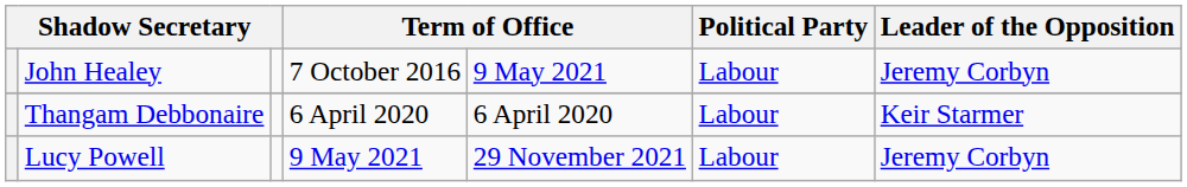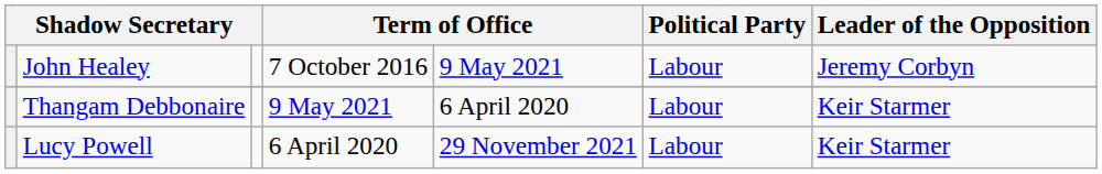 <table class="wikitable">
 <tr>
 <th colspan="3">Shadow Secretary</th>
 <th colspan="2">Term of Office</th>
 <th>Political Party</th>
 <th>Leader of the Opposition</th>
 </tr>
 <tr>
 <th style="background-color: "></th>
 <td><a href='#'>John Healey</a> </td>
 <td></td>
 <td>7 October 2016</td>
 <td><a href='#'>9 May 2021</a></td>
 <td><a href='#'>Labour</a></td>
 <td><a href='#'>Jeremy Corbyn</a></td>
 </tr>
 <tr>
 </tr>
 <tr>
 <th style="background-color: "></th>
 <td><a href='#'>Thangam Debbonaire</a> </td>
 <td></td>
-<td>6 April 2020</td>
+<td><a href='#'>9 May 2021</a></td>
 <td>6 April 2020</td>
 <td><a href='#'>Labour</a></td>
 <td><a href='#'>Keir Starmer</a></td>
 </tr>
 <tr>
 <th style="background-color: "></th>
 <td><a href='#'>Lucy Powell</a> </td>
 <td></td>
-<td><a href='#'>9 May 2021</a></td>
+<td>6 April 2020</td>
 <td><a href='#'>29 November 2021</a></td>
 <td><a href='#'>Labour</a></td>
-<td><a href='#'>Jeremy Corbyn</a></td>
+<td><a href='#'>Keir Starmer</a></td>
 </tr>
 </table>
